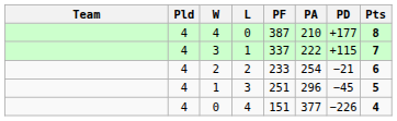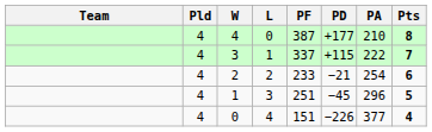 <table class=wikitable style="text-align:center">
 <tr>
 <th width=180>Team</th>
 <th width=30>Pld</th>
 <th width=30>W</th>
 <th width=30>L</th>
 <th width=30>PF</th>
+<th width=30>PD</th>
 <th width=30>PA</th>
-<th width=30>PD</th>
 <th width=30>Pts</th>
 </tr>
 <tr align=center bgcolor="#ccffcc">
 <td align=left></td>
 <td>4</td>
 <td>4</td>
 <td>0</td>
 <td>387</td>
+<td>+177</td>
 <td>210</td>
-<td>+177</td>
 <td><strong>8</strong></td>
 </tr>
 <tr align=center bgcolor="#ccffcc">
 <td align=left></td>
 <td>4</td>
 <td>3</td>
 <td>1</td>
 <td>337</td>
+<td>+115</td>
 <td>222</td>
-<td>+115</td>
 <td><strong>7</strong></td>
 </tr>
 <tr align=center>
 <td align=left></td>
 <td>4</td>
 <td>2</td>
 <td>2</td>
 <td>233</td>
+<td>−21</td>
 <td>254</td>
-<td>−21</td>
 <td><strong>6</strong></td>
 </tr>
 <tr align=center>
 <td align=left></td>
 <td>4</td>
 <td>1</td>
 <td>3</td>
 <td>251</td>
+<td>−45</td>
 <td>296</td>
-<td>−45</td>
 <td><strong>5</strong></td>
 </tr>
 <tr align=center>
 <td align=left></td>
 <td>4</td>
 <td>0</td>
 <td>4</td>
 <td>151</td>
+<td>−226</td>
 <td>377</td>
-<td>−226</td>
 <td><strong>4</strong></td>
 </tr>
 </table>
